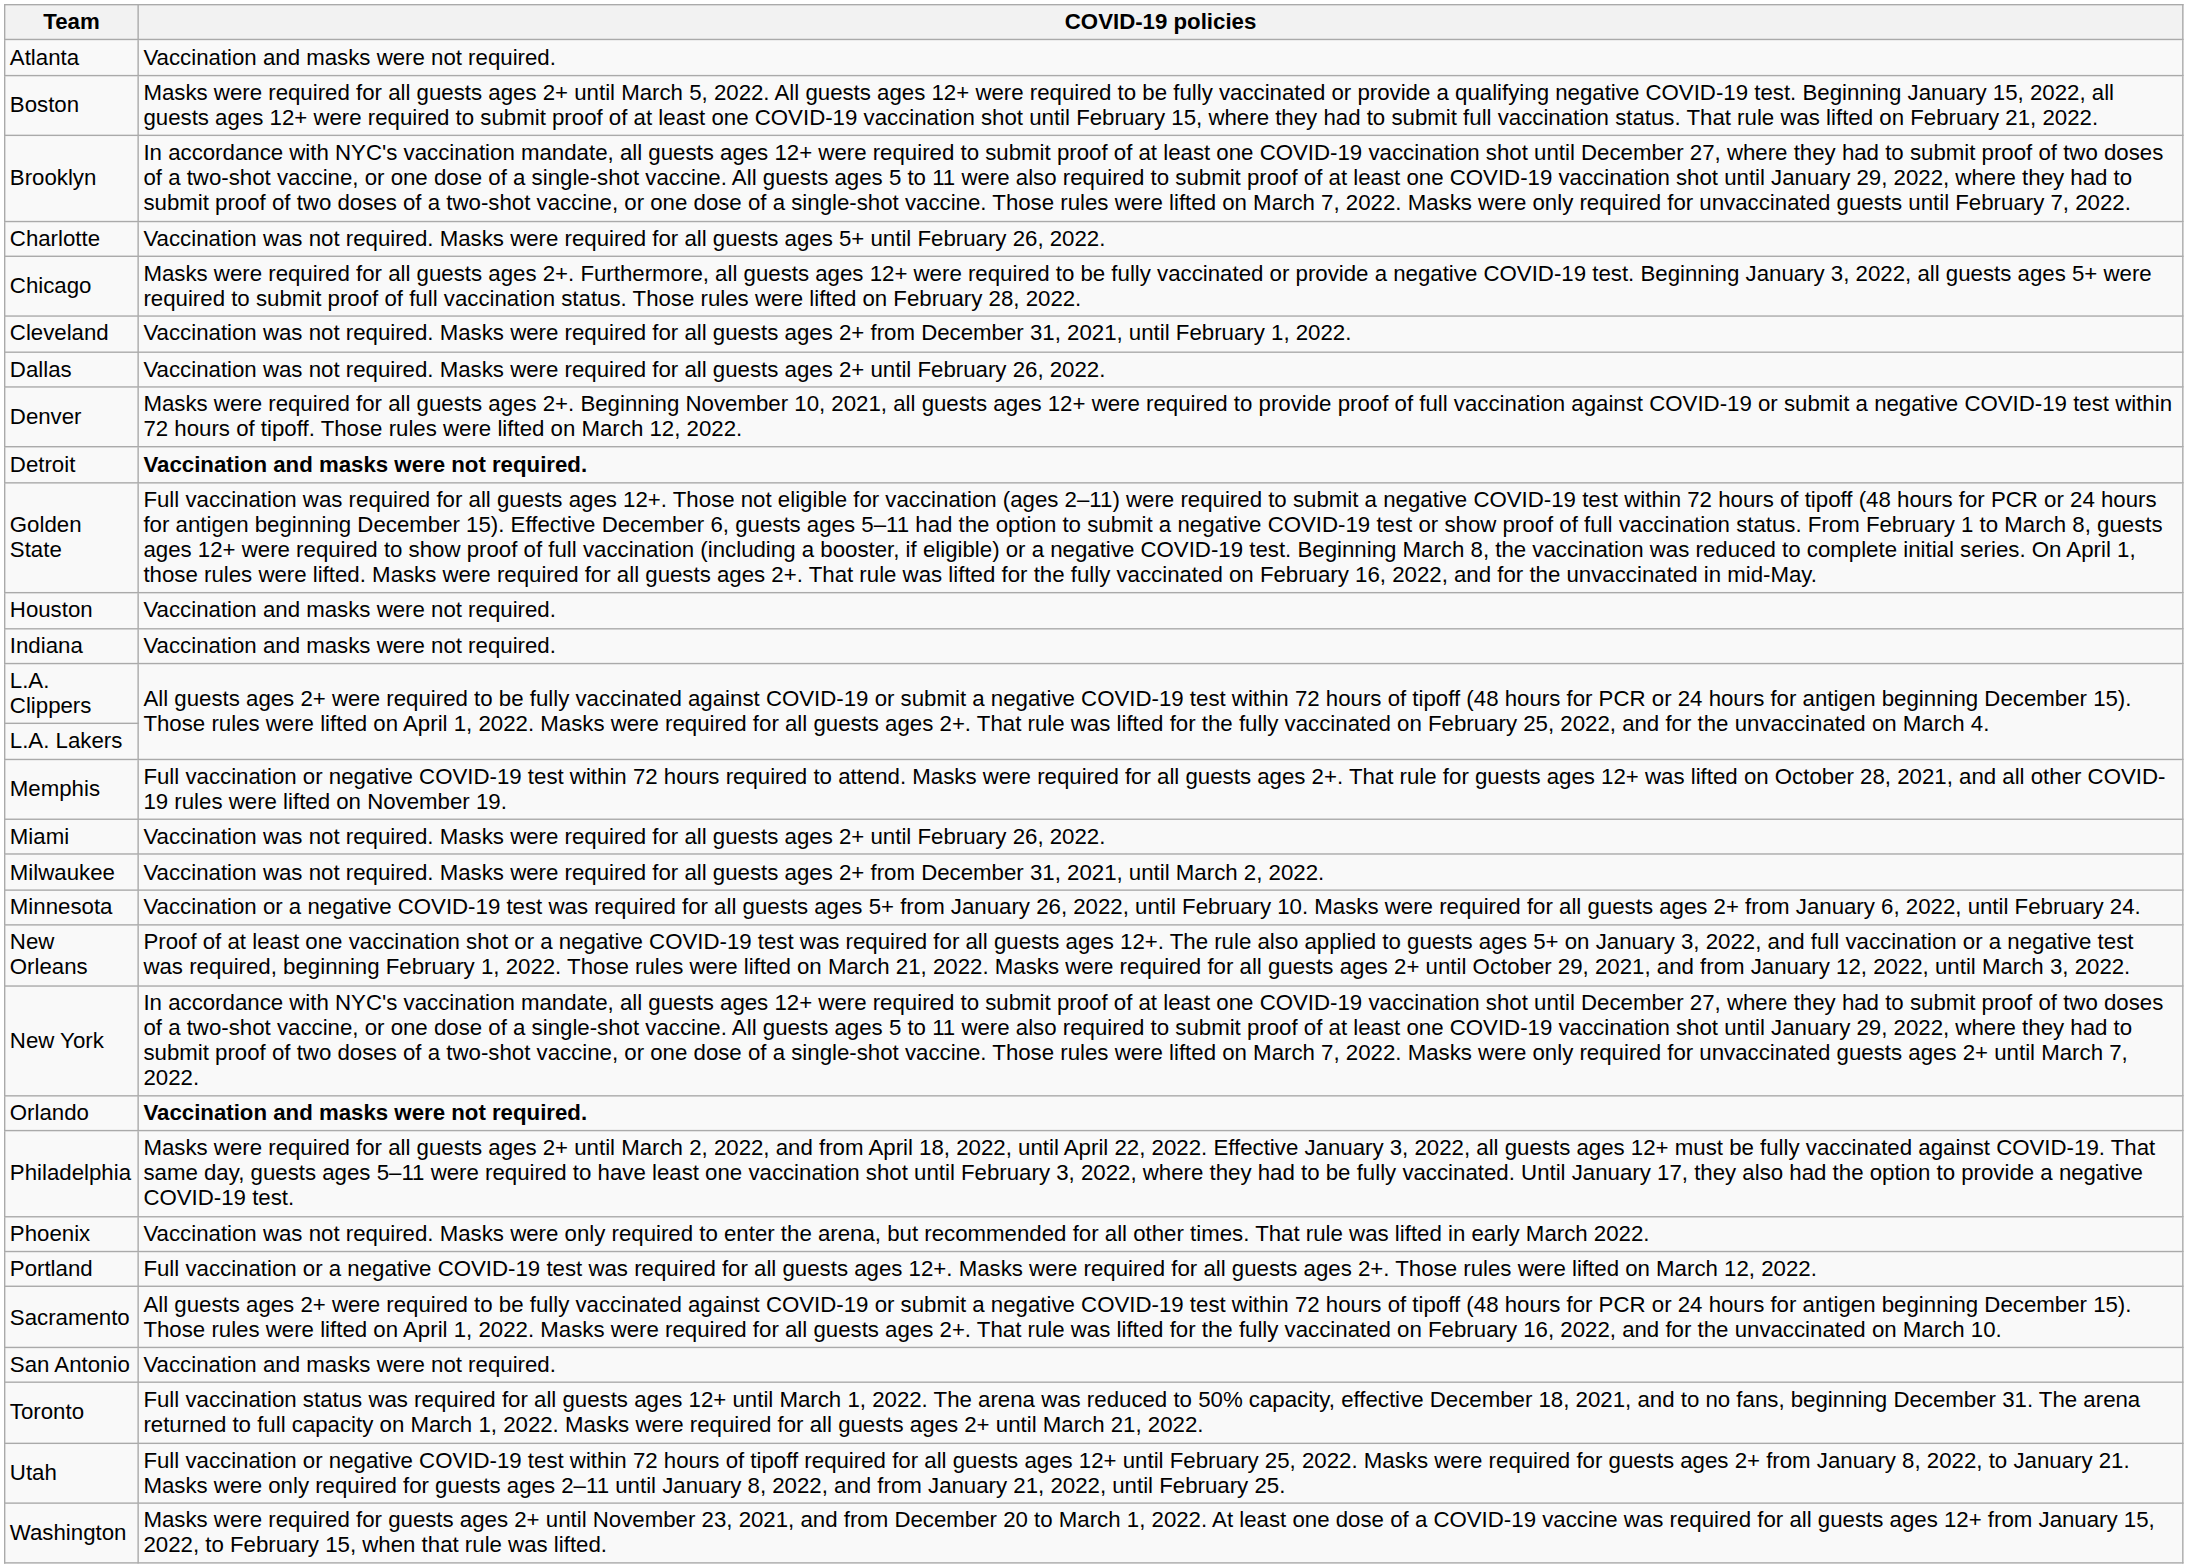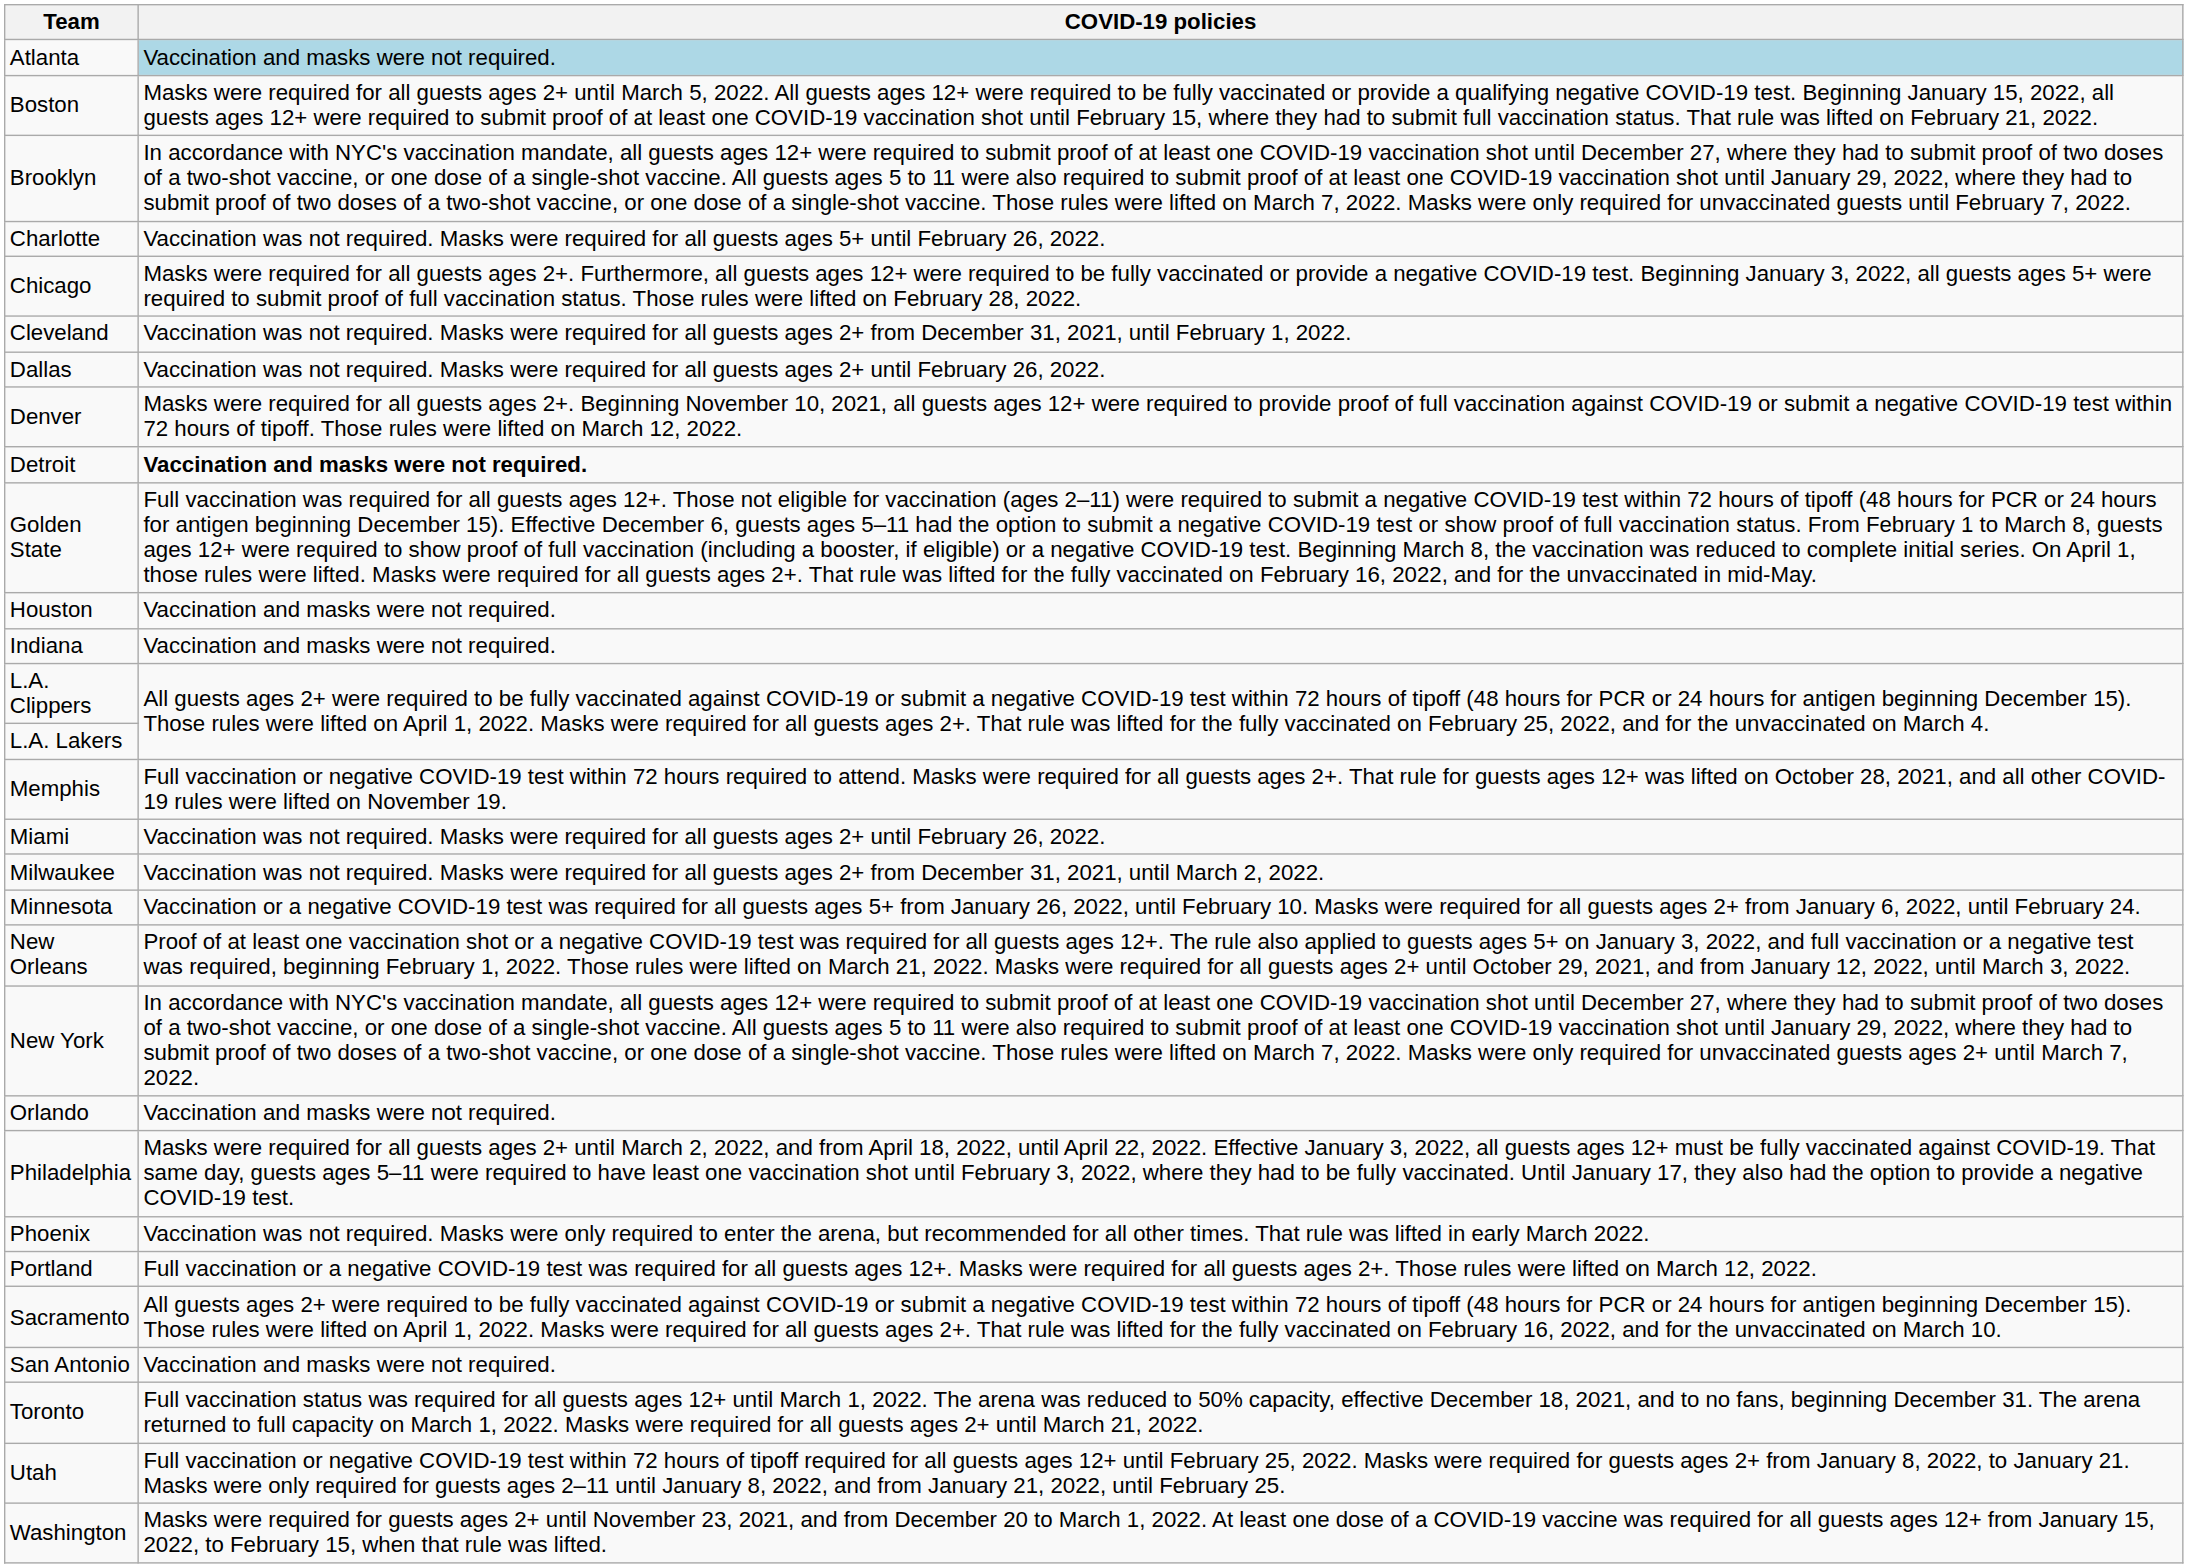 <table class="wikitable sortable">
 <tr>
 <th>Team</th>
 <th>COVID-19 policies</th>
 </tr>
 <tr>
 <td>Atlanta</td>
-<td>Vaccination and masks were not required.</td>
+<td style="background: lightblue;">Vaccination and masks were not required.</td>
 </tr>
 <tr>
 <td>Boston</td>
 <td>Masks were required for all guests ages 2+ until March 5, 2022. All guests ages 12+ were required to be fully vaccinated or provide a qualifying negative COVID-19 test. Beginning January 15, 2022, all guests ages 12+ were required to submit proof of at least one COVID-19 vaccination shot until February 15, where they had to submit full vaccination status. That rule was lifted on February 21, 2022.</td>
 </tr>
 <tr>
 <td>Brooklyn</td>
 <td>In accordance with NYC's vaccination mandate, all guests ages 12+ were required to submit proof of at least one COVID-19 vaccination shot until December 27, where they had to submit proof of two doses of a two-shot vaccine, or one dose of a single-shot vaccine. All guests ages 5 to 11 were also required to submit proof of at least one COVID-19 vaccination shot until January 29, 2022, where they had to submit proof of two doses of a two-shot vaccine, or one dose of a single-shot vaccine. Those rules were lifted on March 7, 2022. Masks were only required for unvaccinated guests until February 7, 2022.</td>
 </tr>
 <tr>
 <td>Charlotte</td>
 <td>Vaccination was not required. Masks were required for all guests ages 5+ until February 26, 2022.</td>
 </tr>
 <tr>
 <td>Chicago</td>
 <td>Masks were required for all guests ages 2+. Furthermore, all guests ages 12+ were required to be fully vaccinated or provide a negative COVID-19 test. Beginning January 3, 2022, all guests ages 5+ were required to submit proof of full vaccination status. Those rules were lifted on February 28, 2022.</td>
 </tr>
 <tr>
 <td>Cleveland</td>
 <td>Vaccination was not required. Masks were required for all guests ages 2+ from December 31, 2021, until February 1, 2022.</td>
 </tr>
 <tr>
 <td>Dallas</td>
 <td>Vaccination was not required. Masks were required for all guests ages 2+ until February 26, 2022.</td>
 </tr>
 <tr>
 <td>Denver</td>
 <td>Masks were required for all guests ages 2+. Beginning November 10, 2021, all guests ages 12+ were required to provide proof of full vaccination against COVID-19 or submit a negative COVID-19 test within 72 hours of tipoff. Those rules were lifted on March 12, 2022.</td>
 </tr>
 <tr>
 <td>Detroit</td>
 <td><strong>Vaccination and masks were not required.</strong></td>
 </tr>
 <tr>
 <td>Golden State</td>
 <td>Full vaccination was required for all guests ages 12+. Those not eligible for vaccination (ages 2–11) were required to submit a negative COVID-19 test within 72 hours of tipoff (48 hours for PCR or 24 hours for antigen beginning December 15). Effective December 6, guests ages 5–11 had the option to submit a negative COVID-19 test or show proof of full vaccination status. From February 1 to March 8, guests ages 12+ were required to show proof of full vaccination (including a booster, if eligible) or a negative COVID-19 test. Beginning March 8, the vaccination was reduced to complete initial series. On April 1, those rules were lifted. Masks were required for all guests ages 2+. That rule was lifted for the fully vaccinated on February 16, 2022, and for the unvaccinated in mid-May.</td>
 </tr>
 <tr>
 <td>Houston</td>
 <td>Vaccination and masks were not required.</td>
 </tr>
 <tr>
 <td>Indiana</td>
 <td>Vaccination and masks were not required.</td>
 </tr>
 <tr>
 <td>L.A. Clippers</td>
 <td rowspan="2">All guests ages 2+ were required to be fully vaccinated against COVID-19 or submit a negative COVID-19 test within 72 hours of tipoff (48 hours for PCR or 24 hours for antigen beginning December 15). Those rules were lifted on April 1, 2022. Masks were required for all guests ages 2+. That rule was lifted for the fully vaccinated on February 25, 2022, and for the unvaccinated on March 4.</td>
 </tr>
 <tr>
 <td>L.A. Lakers</td>
 </tr>
 <tr>
 <td>Memphis</td>
 <td>Full vaccination or negative COVID-19 test within 72 hours required to attend. Masks were required for all guests ages 2+. That rule for guests ages 12+ was lifted on October 28, 2021, and all other COVID-19 rules were lifted on November 19.</td>
 </tr>
 <tr>
 <td>Miami</td>
 <td>Vaccination was not required. Masks were required for all guests ages 2+ until February 26, 2022.</td>
 </tr>
 <tr>
 <td>Milwaukee</td>
 <td>Vaccination was not required. Masks were required for all guests ages 2+ from December 31, 2021, until March 2, 2022.</td>
 </tr>
 <tr>
 <td>Minnesota</td>
 <td>Vaccination or a negative COVID-19 test was required for all guests ages 5+ from January 26, 2022, until February 10. Masks were required for all guests ages 2+ from January 6, 2022, until February 24.</td>
 </tr>
 <tr>
 <td>New Orleans</td>
 <td>Proof of at least one vaccination shot or a negative COVID-19 test was required for all guests ages 12+. The rule also applied to guests ages 5+ on January 3, 2022, and full vaccination or a negative test was required, beginning February 1, 2022. Those rules were lifted on March 21, 2022. Masks were required for all guests ages 2+ until October 29, 2021, and from January 12, 2022, until March 3, 2022.</td>
 </tr>
 <tr>
 <td>New York</td>
 <td>In accordance with NYC's vaccination mandate, all guests ages 12+ were required to submit proof of at least one COVID-19 vaccination shot until December 27, where they had to submit proof of two doses of a two-shot vaccine, or one dose of a single-shot vaccine. All guests ages 5 to 11 were also required to submit proof of at least one COVID-19 vaccination shot until January 29, 2022, where they had to submit proof of two doses of a two-shot vaccine, or one dose of a single-shot vaccine. Those rules were lifted on March 7, 2022. Masks were only required for unvaccinated guests ages 2+ until March 7, 2022.</td>
 </tr>
 <tr>
 <td>Orlando</td>
-<td><strong>Vaccination and masks were not required.</strong></td>
+<td>Vaccination and masks were not required.</td>
 </tr>
 <tr>
 <td>Philadelphia</td>
 <td>Masks were required for all guests ages 2+ until March 2, 2022, and from April 18, 2022, until April 22, 2022. Effective January 3, 2022, all guests ages 12+ must be fully vaccinated against COVID-19. That same day, guests ages 5–11 were required to have least one vaccination shot until February 3, 2022, where they had to be fully vaccinated. Until January 17, they also had the option to provide a negative COVID-19 test.</td>
 </tr>
 <tr>
 <td>Phoenix</td>
 <td>Vaccination was not required. Masks were only required to enter the arena, but recommended for all other times. That rule was lifted in early March 2022.</td>
 </tr>
 <tr>
 <td>Portland</td>
 <td>Full vaccination or a negative COVID-19 test was required for all guests ages 12+. Masks were required for all guests ages 2+. Those rules were lifted on March 12, 2022.</td>
 </tr>
 <tr>
 <td>Sacramento</td>
 <td>All guests ages 2+ were required to be fully vaccinated against COVID-19 or submit a negative COVID-19 test within 72 hours of tipoff (48 hours for PCR or 24 hours for antigen beginning December 15). Those rules were lifted on April 1, 2022. Masks were required for all guests ages 2+. That rule was lifted for the fully vaccinated on February 16, 2022, and for the unvaccinated on March 10.</td>
 </tr>
 <tr>
 <td>San Antonio</td>
 <td>Vaccination and masks were not required.</td>
 </tr>
 <tr>
 <td>Toronto</td>
 <td>Full vaccination status was required for all guests ages 12+ until March 1, 2022. The arena was reduced to 50% capacity, effective December 18, 2021, and to no fans, beginning December 31. The arena returned to full capacity on March 1, 2022. Masks were required for all guests ages 2+ until March 21, 2022.</td>
 </tr>
 <tr>
 <td>Utah</td>
 <td>Full vaccination or negative COVID-19 test within 72 hours of tipoff required for all guests ages 12+ until February 25, 2022. Masks were required for guests ages 2+ from January 8, 2022, to January 21. Masks were only required for guests ages 2–11 until January 8, 2022, and from January 21, 2022, until February 25.</td>
 </tr>
 <tr>
 <td>Washington</td>
 <td>Masks were required for guests ages 2+ until November 23, 2021, and from December 20 to March 1, 2022. At least one dose of a COVID-19 vaccine was required for all guests ages 12+ from January 15, 2022, to February 15, when that rule was lifted.</td>
 </tr>
 </table>
